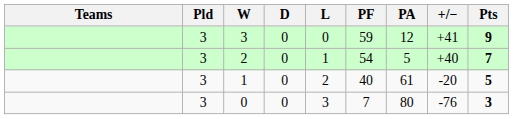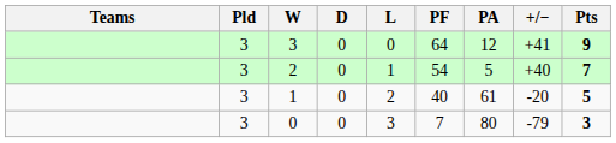 <table class="wikitable" style="text-align: center;">
 <tr>
 <th style="width:200px;">Teams</th>
 <th width="40">Pld</th>
 <th width="40">W</th>
 <th width="40">D</th>
 <th width="40">L</th>
 <th width="40">PF</th>
 <th width="40">PA</th>
 <th width="40">+/−</th>
 <th width="40">Pts</th>
 </tr>
 <tr bgcolor=#cfc>
 <td align=left><strong></strong></td>
 <td>3</td>
 <td>3</td>
 <td>0</td>
 <td>0</td>
-<td>59</td>
+<td>64</td>
 <td>12</td>
 <td>+41</td>
 <td><strong>9</strong></td>
 </tr>
 <tr bgcolor=#cfc>
 <td align=left><strong></strong></td>
 <td>3</td>
 <td>2</td>
 <td>0</td>
 <td>1</td>
 <td>54</td>
 <td>5</td>
 <td>+40</td>
 <td><strong>7</strong></td>
 </tr>
 <tr>
 <td align=left></td>
 <td>3</td>
 <td>1</td>
 <td>0</td>
 <td>2</td>
 <td>40</td>
 <td>61</td>
 <td>-20</td>
 <td><strong>5</strong></td>
 </tr>
 <tr>
 <td align=left></td>
 <td>3</td>
 <td>0</td>
 <td>0</td>
 <td>3</td>
 <td>7</td>
 <td>80</td>
-<td>-76</td>
+<td>-79</td>
 <td><strong>3</strong></td>
 </tr>
 </table>
